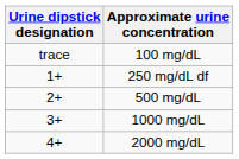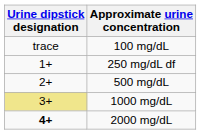 <table class="wikitable" align="right" style="text-align: center">
 <tr>
 <th><a href='#'>Urine dipstick</a><br> designation</th>
 <th>Approximate <a href='#'>urine</a><br> concentration</th>
 </tr>
 <tr>
 <td>trace</td>
 <td>100 mg/dL </td>
 </tr>
 <tr>
 <td>1+</td>
 <td>250 mg/dL df</td>
 </tr>
 <tr>
 <td>2+</td>
 <td>500 mg/dL</td>
 </tr>
 <tr>
-<td>3+</td>
+<td style="background: khaki;">3+</td>
 <td>1000 mg/dL</td>
 </tr>
 <tr>
-<td>4+</td>
+<td><strong>4+</strong></td>
 <td>2000 mg/dL</td>
 </tr>
 </table>
